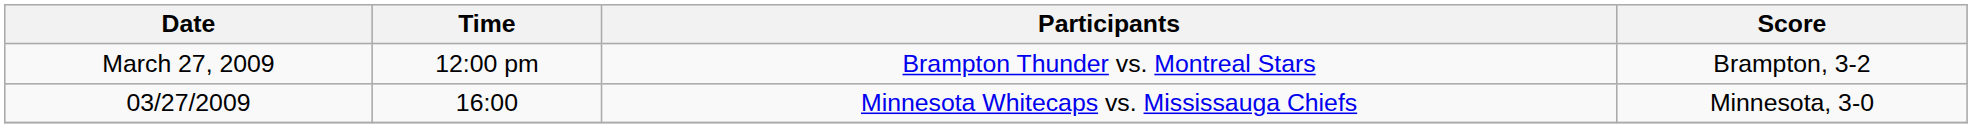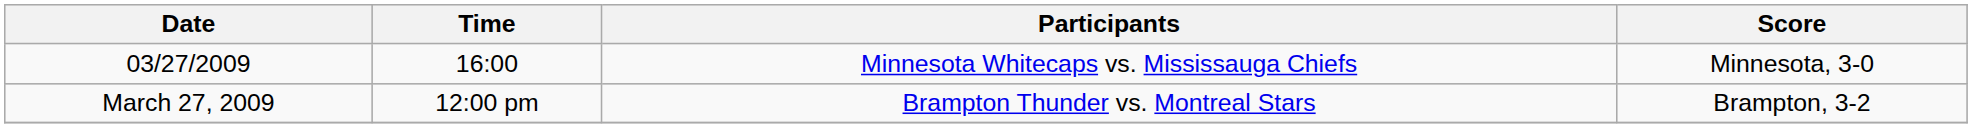 <table class="wikitable" width="80%">
 <tr align="center">
 <th>Date</th>
 <th>Time</th>
 <th>Participants</th>
 <th>Score</th>
 </tr>
 <tr align="center">
+<td>03/27/2009</td>
+<td>16:00</td>
+<td><a href='#'>Minnesota Whitecaps</a> vs. <a href='#'>Mississauga Chiefs</a></td>
+<td>Minnesota, 3-0</td>
+</tr>
+<tr align="center">
 <td>March 27, 2009</td>
 <td>12:00 pm</td>
 <td><a href='#'>Brampton Thunder</a> vs. <a href='#'>Montreal Stars</a></td>
 <td>Brampton, 3-2</td>
 </tr>
 <tr align="center">
-<td>03/27/2009</td>
-<td>16:00</td>
-<td><a href='#'>Minnesota Whitecaps</a> vs. <a href='#'>Mississauga Chiefs</a></td>
-<td>Minnesota, 3-0</td>
-</tr>
-<tr align="center">
 </tr>
 </table>
